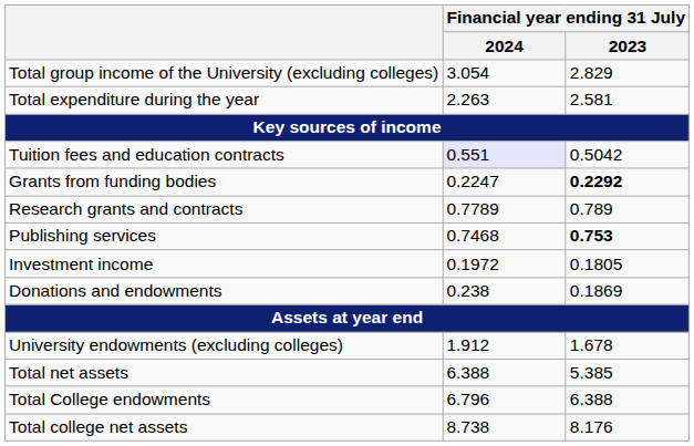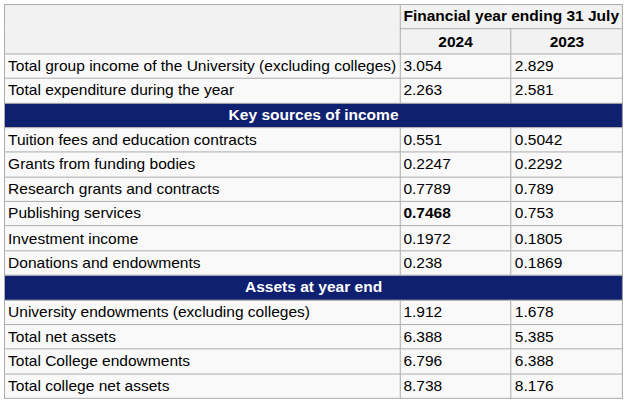 <table class=wikitable>
 <tr>
 <th rowspan=2></th>
 <th colspan=2>Financial year ending 31 July</th>
 </tr>
 <tr>
 <th>2024</th>
 <th>2023</th>
 </tr>
 <tr>
 <td>Total group income of the University (excluding colleges)</td>
 <td>3.054</td>
 <td>2.829</td>
 </tr>
 <tr>
 <td>Total expenditure during the year</td>
 <td>2.263</td>
 <td>2.581</td>
 </tr>
 <tr>
 <th style="background:#102070; color:white;" colspan=3>Key sources of income</th>
 </tr>
 <tr>
 <td>Tuition fees and education contracts</td>
-<td style="background: lavender;">0.551</td>
+<td>0.551</td>
 <td>0.5042</td>
 </tr>
 <tr>
 <td>Grants from funding bodies</td>
 <td>0.2247</td>
-<td><strong>0.2292</strong></td>
+<td>0.2292</td>
 </tr>
 <tr>
 <td>Research grants and contracts</td>
 <td>0.7789</td>
 <td>0.789</td>
 </tr>
 <tr>
 <td>Publishing services</td>
-<td>0.7468</td>
-<td><strong>0.753</strong></td>
+<td><strong>0.7468</strong></td>
+<td>0.753</td>
 </tr>
 <tr>
 <td>Investment income</td>
 <td>0.1972</td>
 <td>0.1805</td>
 </tr>
 <tr>
 <td>Donations and endowments</td>
 <td>0.238</td>
 <td>0.1869</td>
 </tr>
 <tr>
 <th style="background:#102070; color:white;" colspan=3>Assets at year end</th>
 </tr>
 <tr>
 <td>University endowments (excluding colleges)</td>
 <td>1.912</td>
 <td>1.678</td>
 </tr>
 <tr>
 <td>Total net assets</td>
 <td>6.388</td>
 <td>5.385</td>
 </tr>
 <tr>
 <td>Total College endowments</td>
 <td>6.796</td>
 <td>6.388</td>
 </tr>
 <tr>
 <td>Total college net assets</td>
 <td>8.738</td>
 <td>8.176</td>
 </tr>
 </table>
